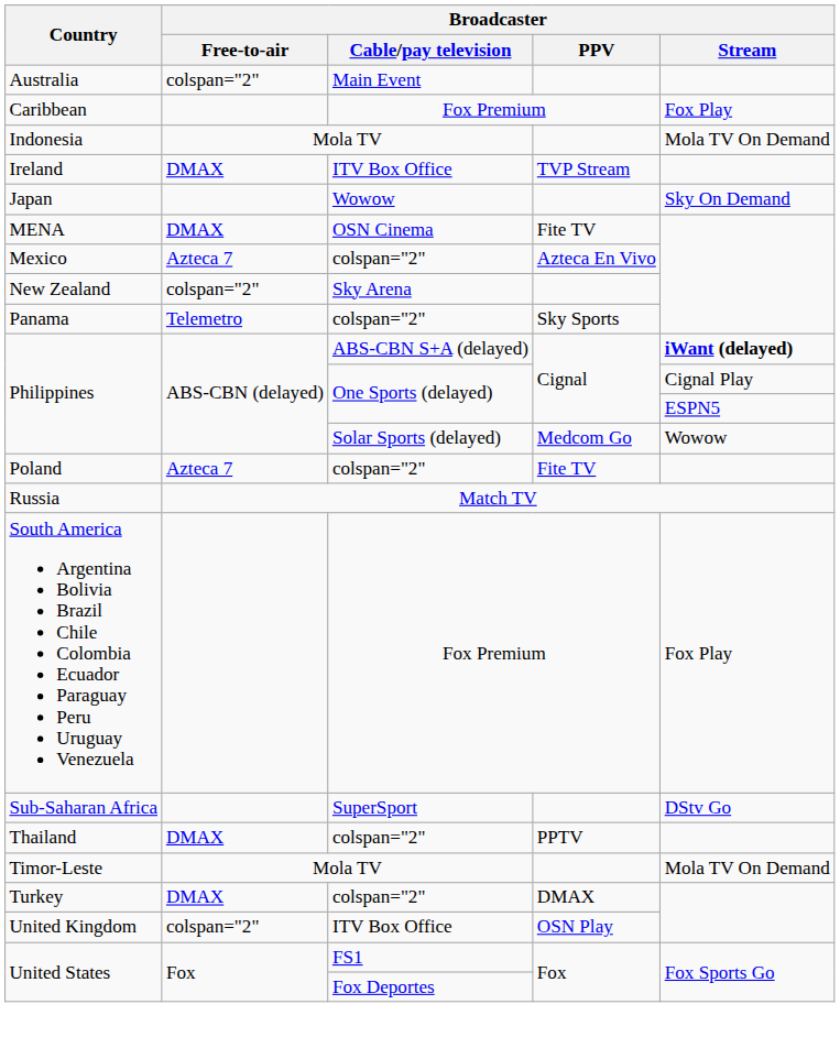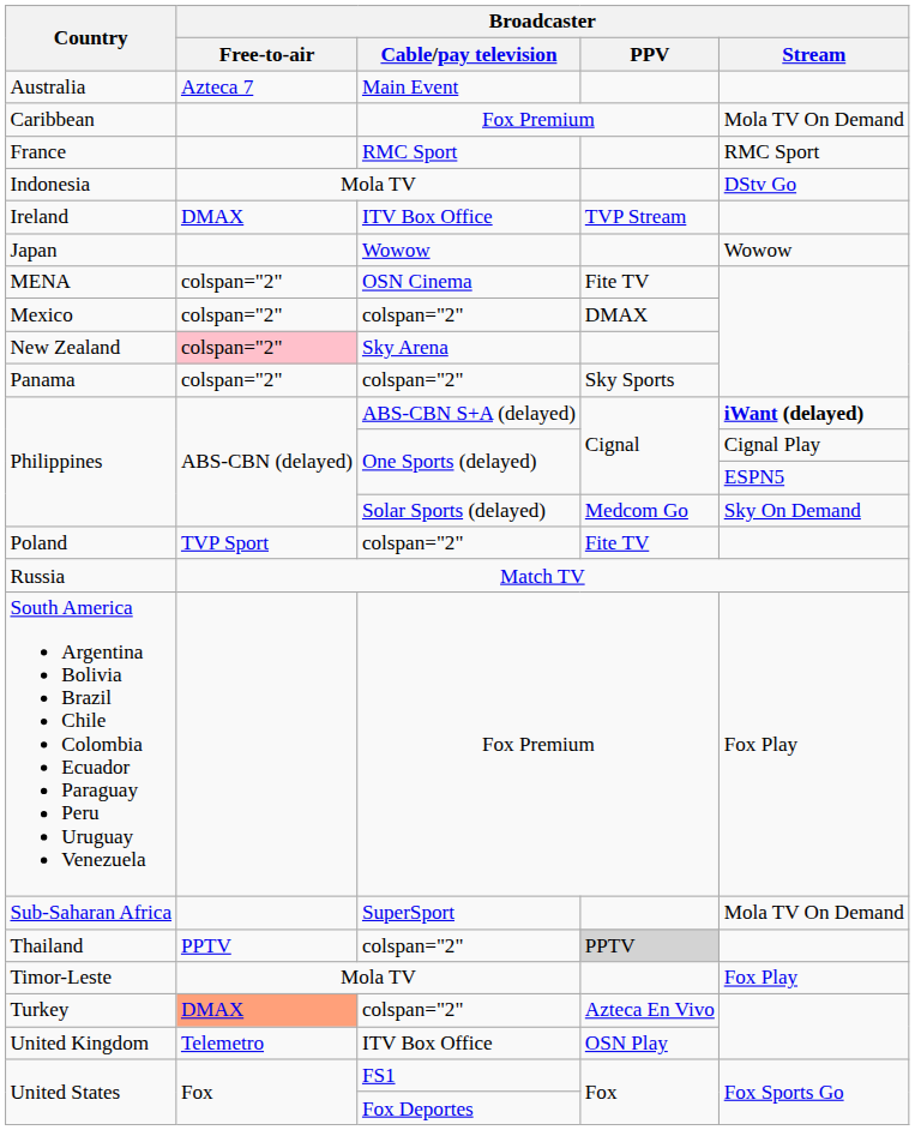 <table class="wikitable">
 <tr>
 <th rowspan="2">Country</th>
 <th colspan="4">Broadcaster</th>
 </tr>
 <tr>
 <th>Free-to-air</th>
 <th><a href='#'>Cable</a>/<a href='#'>pay television</a></th>
 <th>PPV</th>
 <th><a href='#'>Stream</a></th>
 </tr>
 <tr>
 <td> Australia</td>
-<td>colspan="2" </td>
+<td><a href='#'>Azteca 7</a></td>
 <td><a href='#'>Main Event</a></td>
 <td></td>
 </tr>
 <tr>
 <td> Caribbean</td>
 <td></td>
 <td colspan="2" align="center"><a href='#'>Fox Premium</a></td>
-<td><a href='#'>Fox Play</a></td>
+<td>Mola TV On Demand</td>
+</tr>
+<tr>
+<td> France</td>
+<td></td>
+<td><a href='#'>RMC Sport</a></td>
+<td></td>
+<td>RMC Sport</td>
 </tr>
 <tr>
 <td> Indonesia</td>
 <td colspan="2" align="center">Mola TV</td>
 <td></td>
-<td>Mola TV On Demand</td>
+<td><a href='#'>DStv Go</a></td>
 </tr>
 <tr>
 <td> Ireland</td>
 <td><a href='#'>DMAX</a></td>
 <td><a href='#'>ITV Box Office</a></td>
 <td><a href='#'>TVP Stream</a></td>
 </tr>
 <tr>
 <td> Japan</td>
 <td></td>
 <td><a href='#'>Wowow</a></td>
 <td></td>
-<td><a href='#'>Sky On Demand</a></td>
+<td>Wowow</td>
 </tr>
 <tr>
 <td> MENA</td>
-<td><a href='#'>DMAX</a></td>
+<td>colspan="2" </td>
 <td><a href='#'>OSN Cinema</a></td>
 <td>Fite TV</td>
 </tr>
 <tr>
 <td> Mexico</td>
-<td><a href='#'>Azteca 7</a></td>
 <td>colspan="2" </td>
-<td><a href='#'>Azteca En Vivo</a></td>
+<td>colspan="2" </td>
+<td>DMAX</td>
 </tr>
 <tr>
 <td> New Zealand</td>
-<td>colspan="2" </td>
+<td style="background: pink;">colspan="2" </td>
 <td><a href='#'>Sky Arena</a></td>
 <td></td>
 </tr>
 <tr>
 <td> Panama</td>
-<td><a href='#'>Telemetro</a></td>
+<td>colspan="2" </td>
 <td>colspan="2" </td>
 <td>Sky Sports</td>
 </tr>
 <tr>
 <td rowspan="4"> Philippines</td>
 <td rowspan="4">ABS-CBN (delayed)</td>
 <td><a href='#'>ABS-CBN S+A</a> (delayed)</td>
 <td rowspan="3">Cignal</td>
 <td><strong><a href='#'>iWant</a> (delayed)</strong></td>
 </tr>
 <tr>
 <td rowspan="2"><a href='#'>One Sports</a> (delayed)</td>
 <td>Cignal Play</td>
 </tr>
 <tr>
 <td><a href='#'>ESPN5</a></td>
 </tr>
 <tr>
 <td><a href='#'>Solar Sports</a> (delayed)</td>
 <td><a href='#'>Medcom Go</a></td>
-<td>Wowow</td>
+<td><a href='#'>Sky On Demand</a></td>
 </tr>
 <tr>
 <td> Poland</td>
-<td><a href='#'>Azteca 7</a></td>
+<td><a href='#'>TVP Sport</a></td>
 <td>colspan="2" </td>
 <td><a href='#'>Fite TV</a></td>
 </tr>
 <tr>
 <td> Russia</td>
 <td colspan="4" align="center"><a href='#'>Match TV</a></td>
 </tr>
 <tr>
 <td><a href='#'>South America</a><br><ul><li> Argentina</li><li> Bolivia</li><li> Brazil</li><li> Chile</li><li> Colombia</li><li> Ecuador</li><li> Paraguay</li><li> Peru</li><li> Uruguay</li><li> Venezuela</li></ul></td>
 <td></td>
 <td colspan="2" align="center">Fox Premium</td>
 <td>Fox Play</td>
 </tr>
 <tr>
 <td><a href='#'>Sub-Saharan Africa</a></td>
 <td></td>
 <td><a href='#'>SuperSport</a></td>
 <td></td>
-<td><a href='#'>DStv Go</a></td>
+<td>Mola TV On Demand</td>
 </tr>
 <tr>
 <td> Thailand</td>
-<td><a href='#'>DMAX</a></td>
+<td><a href='#'>PPTV</a></td>
 <td>colspan="2" </td>
-<td>PPTV</td>
+<td style="background: lightgrey;">PPTV</td>
 </tr>
 <tr>
 <td> Timor-Leste</td>
 <td colspan="2" align="center">Mola TV</td>
 <td></td>
-<td>Mola TV On Demand</td>
+<td><a href='#'>Fox Play</a></td>
 </tr>
 <tr>
 <td> Turkey</td>
-<td><a href='#'>DMAX</a></td>
+<td style="background: lightsalmon;"><a href='#'>DMAX</a></td>
 <td>colspan="2" </td>
-<td>DMAX</td>
+<td><a href='#'>Azteca En Vivo</a></td>
 </tr>
 <tr>
 <td> United Kingdom</td>
-<td>colspan="2" </td>
+<td><a href='#'>Telemetro</a></td>
 <td>ITV Box Office</td>
 <td><a href='#'>OSN Play</a></td>
 </tr>
 <tr>
 <td rowspan="2"> United States</td>
 <td rowspan="2">Fox</td>
 <td><a href='#'>FS1</a></td>
 <td rowspan="2">Fox</td>
 <td rowspan="2"><a href='#'>Fox Sports Go</a></td>
 </tr>
 <tr>
 <td><a href='#'>Fox Deportes</a></td>
 </tr>
 </table>
